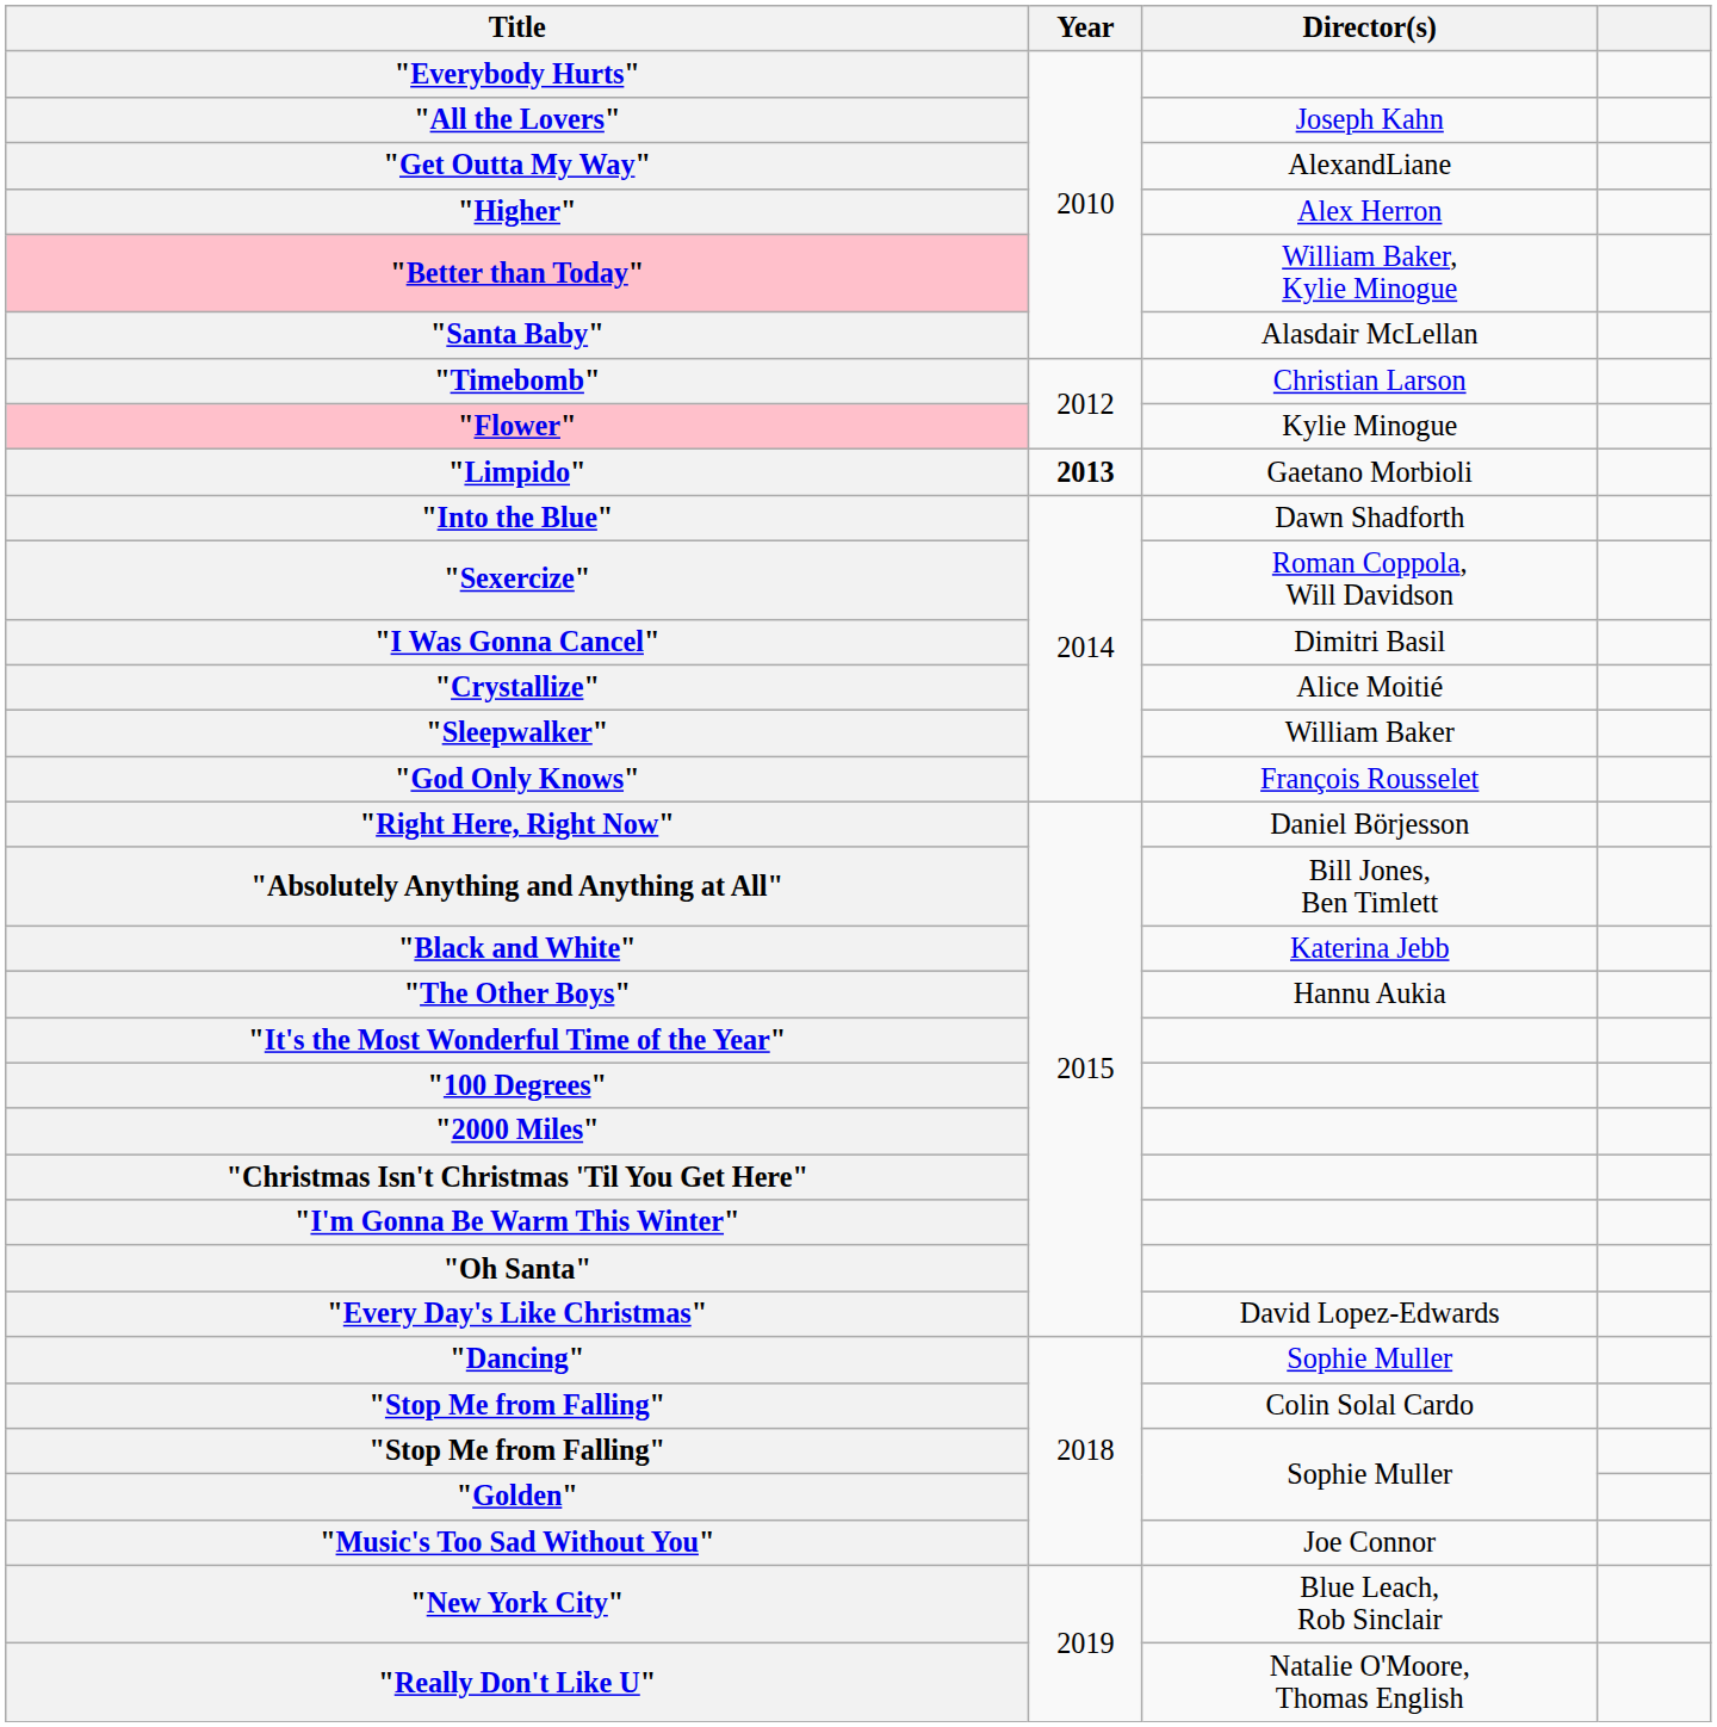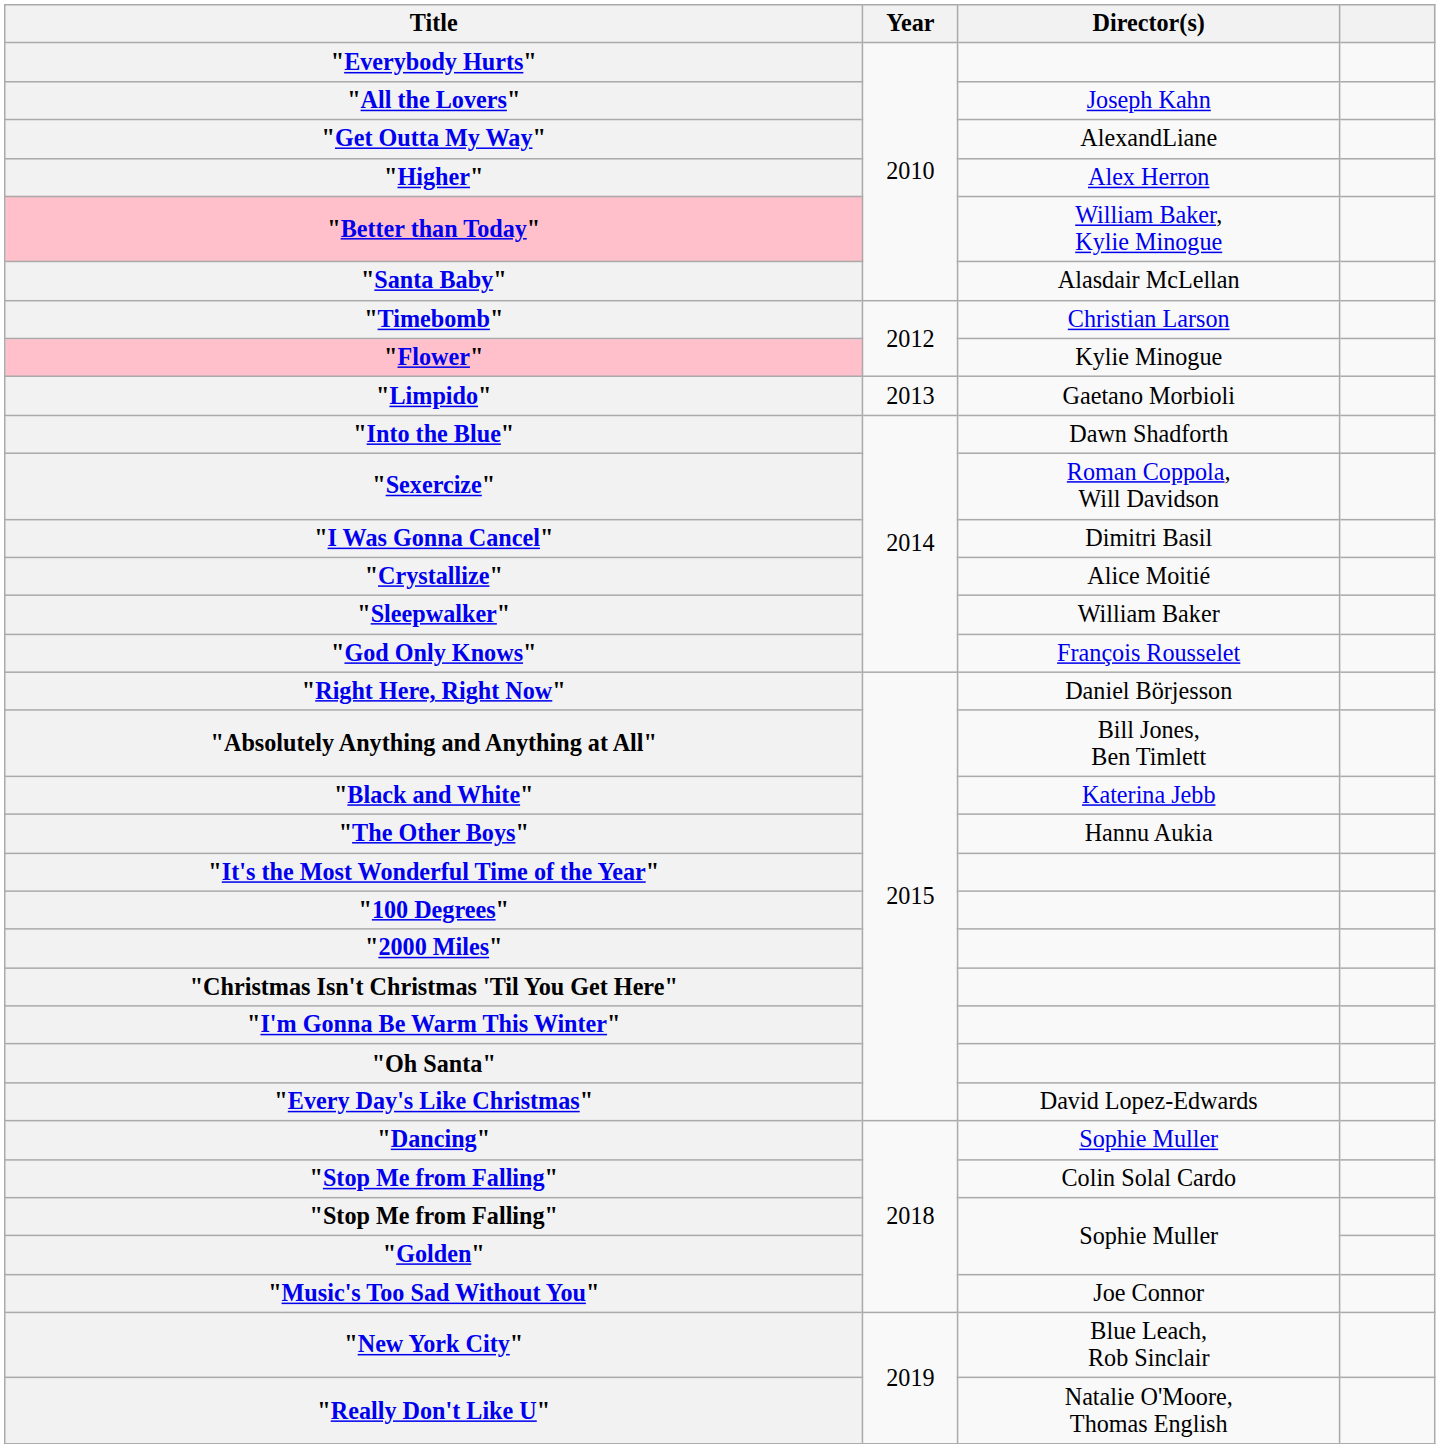 <table class="wikitable plainrowheaders" style="text-align:center;" width="75%">
 <tr>
 <th style="width:45%;">Title</th>
 <th style="width:5%;">Year</th>
 <th style="width:20%;">Director(s)</th>
 <th style="width:5%;"></th>
 </tr>
 <tr>
 <th scope=row>"<a href='#'>Everybody Hurts</a>"<br></th>
 <td rowspan=6>2010</td>
 <td></td>
 <td></td>
 </tr>
 <tr>
 <th scope=row>"<a href='#'>All the Lovers</a>"</th>
 <td><a href='#'>Joseph Kahn</a></td>
 <td></td>
 </tr>
 <tr>
 <th scope=row>"<a href='#'>Get Outta My Way</a>"</th>
 <td>AlexandLiane</td>
 <td></td>
 </tr>
 <tr>
 <th scope=row>"<a href='#'>Higher</a>"<br></th>
 <td><a href='#'>Alex Herron</a></td>
 <td></td>
 </tr>
 <tr>
 <th style="background:pink" scope=row>"<a href='#'>Better than Today</a>"</th>
 <td><a href='#'>William Baker</a>,<br><a href='#'>Kylie Minogue</a></td>
 <td></td>
 </tr>
 <tr>
 <th scope=row>"<a href='#'>Santa Baby</a>"</th>
 <td>Alasdair McLellan</td>
 <td></td>
 </tr>
 <tr>
 <th scope=row>"<a href='#'>Timebomb</a>"</th>
 <td rowspan=2>2012</td>
 <td><a href='#'>Christian Larson</a></td>
 <td></td>
 </tr>
 <tr>
 <th style="background:pink" scope=row>"<a href='#'>Flower</a>"</th>
 <td>Kylie Minogue</td>
 <td></td>
 </tr>
 <tr>
 <th scope=row>"<a href='#'>Limpido</a>"<br></th>
-<td><strong>2013</strong></td>
+<td>2013</td>
 <td>Gaetano Morbioli</td>
 <td></td>
 </tr>
 <tr>
 <th scope=row>"<a href='#'>Into the Blue</a>"</th>
 <td rowspan=6>2014</td>
 <td>Dawn Shadforth</td>
 <td></td>
 </tr>
 <tr>
 <th scope=row>"<a href='#'>Sexercize</a>"</th>
 <td><a href='#'>Roman Coppola</a>,<br>Will Davidson</td>
 <td></td>
 </tr>
 <tr>
 <th scope=row>"<a href='#'>I Was Gonna Cancel</a>"</th>
 <td>Dimitri Basil</td>
 <td></td>
 </tr>
 <tr>
 <th scope=row>"<a href='#'>Crystallize</a>"</th>
 <td>Alice Moitié</td>
 <td></td>
 </tr>
 <tr>
 <th scope=row>"<a href='#'>Sleepwalker</a>"</th>
 <td>William Baker</td>
 <td></td>
 </tr>
 <tr>
 <th scope=row>"<a href='#'>God Only Knows</a>"<br></th>
 <td><a href='#'>François Rousselet</a></td>
 <td></td>
 </tr>
 <tr>
 <th scope=row>"<a href='#'>Right Here, Right Now</a>"<br></th>
 <td rowspan=11>2015</td>
 <td>Daniel Börjesson</td>
 <td></td>
 </tr>
 <tr>
 <th scope=row>"Absolutely Anything and Anything at All"</th>
 <td>Bill Jones,<br>Ben Timlett</td>
 <td></td>
 </tr>
 <tr>
 <th scope=row>"<a href='#'>Black and White</a>"<br></th>
 <td><a href='#'>Katerina Jebb</a></td>
 <td></td>
 </tr>
 <tr>
 <th scope=row>"<a href='#'>The Other Boys</a>"<br></th>
 <td>Hannu Aukia</td>
 <td></td>
 </tr>
 <tr>
 <th scope=row>"<a href='#'>It's the Most Wonderful Time of the Year</a>"</th>
 <td></td>
 <td></td>
 </tr>
 <tr>
 <th scope=row>"<a href='#'>100 Degrees</a>"<br></th>
 <td></td>
 <td></td>
 </tr>
 <tr>
 <th scope=row>"<a href='#'>2000 Miles</a>"</th>
 <td></td>
 <td></td>
 </tr>
 <tr>
 <th scope=row>"Christmas Isn't Christmas 'Til You Get Here"</th>
 <td></td>
 <td></td>
 </tr>
 <tr>
 <th scope=row>"<a href='#'>I'm Gonna Be Warm This Winter</a>"</th>
 <td></td>
 <td></td>
 </tr>
 <tr>
 <th scope=row>"Oh Santa"</th>
 <td></td>
 <td></td>
 </tr>
 <tr>
 <th scope=row>"<a href='#'>Every Day's Like Christmas</a>"</th>
 <td>David Lopez-Edwards</td>
 <td></td>
 </tr>
 <tr>
 <th scope=row>"<a href='#'>Dancing</a>"</th>
 <td rowspan=5>2018</td>
 <td><a href='#'>Sophie Muller</a></td>
 <td></td>
 </tr>
 <tr>
 <th scope=row>"<a href='#'>Stop Me from Falling</a>"</th>
 <td>Colin Solal Cardo</td>
 <td></td>
 </tr>
 <tr>
 <th scope=row>"Stop Me from Falling"<br></th>
 <td rowspan=2>Sophie Muller</td>
 <td></td>
 </tr>
 <tr>
 <th scope=row>"<a href='#'>Golden</a>"</th>
 <td></td>
 </tr>
 <tr>
 <th scope=row>"<a href='#'>Music's Too Sad Without You</a>"<br></th>
 <td>Joe Connor</td>
 <td></td>
 </tr>
 <tr>
 <th scope=row>"<a href='#'>New York City</a>"</th>
 <td rowspan=2>2019</td>
 <td>Blue Leach,<br>Rob Sinclair</td>
 <td></td>
 </tr>
 <tr>
 <th scope=row>"<a href='#'>Really Don't Like U</a>"<br></th>
 <td>Natalie O'Moore,<br>Thomas English</td>
 <td></td>
 </tr>
 </table>
